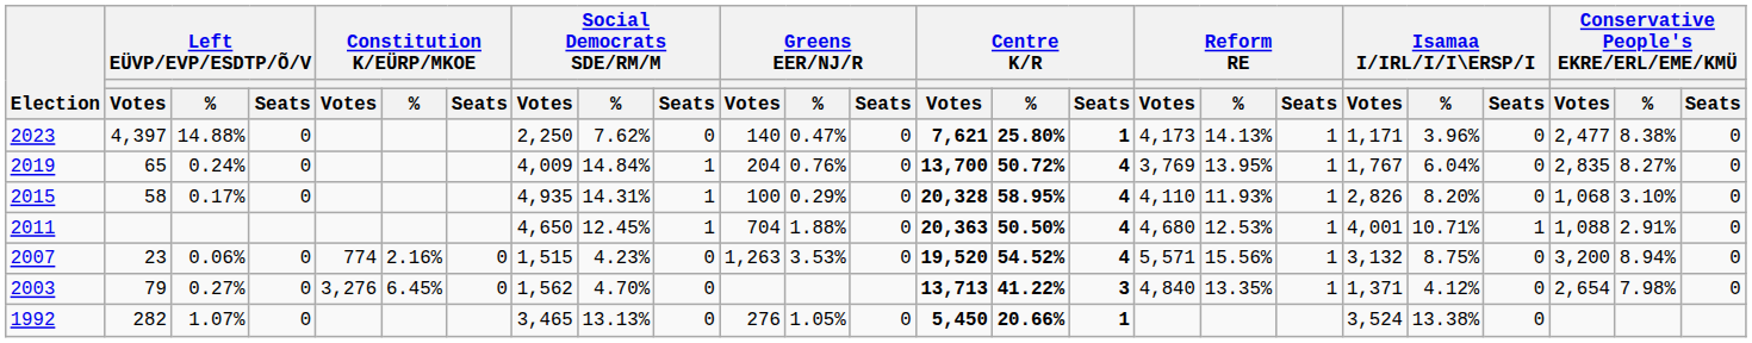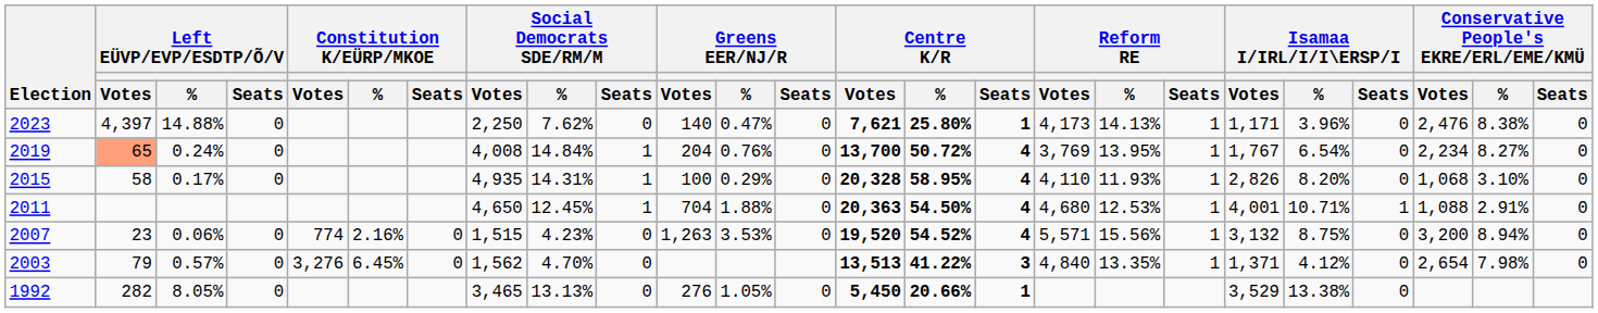 <table class="wikitable" border="1" style="font-size:80%; text-align:right;">
 <tr>
 <th style="text-align:left;" valign=bottom rowspan=3>Election</th>
 <th valign=bottom colspan=3><a href='#'>Left</a><br>EÜVP/EVP/ESDTP/Õ/V</th>
 <th valign=bottom colspan=3><a href='#'>Constitution</a><br>K/EÜRP/MKOE</th>
 <th valign=bottom colspan=3><a href='#'>Social<br>Democrats</a><br>SDE/RM/M</th>
 <th valign=bottom colspan=3><a href='#'>Greens</a><br>EER/NJ/R</th>
 <th valign=bottom colspan=3><a href='#'>Centre</a><br>K/R</th>
 <th valign=bottom colspan=3><a href='#'>Reform</a><br>RE</th>
 <th valign=bottom colspan=3><a href='#'>Isamaa</a><br>I/IRL/I/I\ERSP/I</th>
 <th valign=bottom colspan=3><a href='#'>Conservative<br>People's</a><br>EKRE/ERL/EME/KMÜ</th>
 </tr>
 <tr>
 <th colspan=3 style="background:"></th>
 <th colspan=3 style="background:"></th>
 <th colspan=3 style="background:"></th>
 <th colspan=3 style="background:"></th>
 <th colspan=3 style="background:"></th>
 <th colspan=3 style="background:"></th>
 <th colspan=3 style="background:"></th>
 <th colspan=3 style="background:"></th>
 </tr>
 <tr>
 <th>Votes</th>
 <th>%</th>
 <th>Seats</th>
 <th>Votes</th>
 <th>%</th>
 <th>Seats</th>
 <th>Votes</th>
 <th>%</th>
 <th>Seats</th>
 <th>Votes</th>
 <th>%</th>
 <th>Seats</th>
 <th>Votes</th>
 <th>%</th>
 <th>Seats</th>
 <th>Votes</th>
 <th>%</th>
 <th>Seats</th>
 <th>Votes</th>
 <th>%</th>
 <th>Seats</th>
 <th>Votes</th>
 <th>%</th>
 <th>Seats</th>
 </tr>
 <tr>
 <td align=left><a href='#'>2023</a></td>
 <td>4,397</td>
 <td>14.88%</td>
 <td>0</td>
 <td></td>
 <td></td>
 <td></td>
 <td>2,250</td>
 <td>7.62%</td>
 <td>0</td>
 <td>140</td>
 <td>0.47%</td>
 <td>0</td>
 <td><strong>7,621</strong></td>
 <td><strong>25.80%</strong></td>
 <td><strong>1</strong></td>
 <td>4,173</td>
 <td>14.13%</td>
 <td>1</td>
 <td>1,171</td>
 <td>3.96%</td>
 <td>0</td>
-<td>2,477</td>
+<td>2,476</td>
 <td>8.38%</td>
 <td>0</td>
 </tr>
 <tr>
 <td align=left><a href='#'>2019</a></td>
-<td>65</td>
+<td style="background: lightsalmon;">65</td>
 <td>0.24%</td>
 <td>0</td>
 <td></td>
 <td></td>
 <td></td>
-<td>4,009</td>
+<td>4,008</td>
 <td>14.84%</td>
 <td>1</td>
 <td>204</td>
 <td>0.76%</td>
 <td>0</td>
 <td><strong>13,700</strong></td>
 <td><strong>50.72%</strong></td>
 <td><strong>4</strong></td>
 <td>3,769</td>
 <td>13.95%</td>
 <td>1</td>
 <td>1,767</td>
-<td>6.04%</td>
+<td>6.54%</td>
 <td>0</td>
-<td>2,835</td>
+<td>2,234</td>
 <td>8.27%</td>
 <td>0</td>
 </tr>
 <tr>
 <td align=left><a href='#'>2015</a></td>
 <td>58</td>
 <td>0.17%</td>
 <td>0</td>
 <td></td>
 <td></td>
 <td></td>
 <td>4,935</td>
 <td>14.31%</td>
 <td>1</td>
 <td>100</td>
 <td>0.29%</td>
 <td>0</td>
 <td><strong>20,328</strong></td>
 <td><strong>58.95%</strong></td>
 <td><strong>4</strong></td>
 <td>4,110</td>
 <td>11.93%</td>
 <td>1</td>
 <td>2,826</td>
 <td>8.20%</td>
 <td>0</td>
 <td>1,068</td>
 <td>3.10%</td>
 <td>0</td>
 </tr>
 <tr>
 <td align=left><a href='#'>2011</a></td>
 <td></td>
 <td></td>
 <td></td>
 <td></td>
 <td></td>
 <td></td>
 <td>4,650</td>
 <td>12.45%</td>
 <td>1</td>
 <td>704</td>
 <td>1.88%</td>
 <td>0</td>
 <td><strong>20,363</strong></td>
-<td><strong>50.50%</strong></td>
+<td><strong>54.50%</strong></td>
 <td><strong>4</strong></td>
 <td>4,680</td>
 <td>12.53%</td>
 <td>1</td>
 <td>4,001</td>
 <td>10.71%</td>
 <td>1</td>
 <td>1,088</td>
 <td>2.91%</td>
 <td>0</td>
 </tr>
 <tr>
 <td align=left><a href='#'>2007</a></td>
 <td>23</td>
 <td>0.06%</td>
 <td>0</td>
 <td>774</td>
 <td>2.16%</td>
 <td>0</td>
 <td>1,515</td>
 <td>4.23%</td>
 <td>0</td>
 <td>1,263</td>
 <td>3.53%</td>
 <td>0</td>
 <td><strong>19,520</strong></td>
 <td><strong>54.52%</strong></td>
 <td><strong>4</strong></td>
 <td>5,571</td>
 <td>15.56%</td>
 <td>1</td>
 <td>3,132</td>
 <td>8.75%</td>
 <td>0</td>
 <td>3,200</td>
 <td>8.94%</td>
 <td>0</td>
 </tr>
 <tr>
 <td align=left><a href='#'>2003</a></td>
 <td>79</td>
-<td>0.27%</td>
+<td>0.57%</td>
 <td>0</td>
 <td>3,276</td>
 <td>6.45%</td>
 <td>0</td>
 <td>1,562</td>
 <td>4.70%</td>
 <td>0</td>
 <td></td>
 <td></td>
 <td></td>
-<td><strong>13,713</strong></td>
+<td><strong>13,513</strong></td>
 <td><strong>41.22%</strong></td>
 <td><strong>3</strong></td>
 <td>4,840</td>
 <td>13.35%</td>
 <td>1</td>
 <td>1,371</td>
 <td>4.12%</td>
 <td>0</td>
 <td>2,654</td>
 <td>7.98%</td>
 <td>0</td>
 </tr>
 <tr>
 <td align=left><a href='#'>1992</a></td>
 <td>282</td>
-<td>1.07%</td>
+<td>8.05%</td>
 <td>0</td>
 <td></td>
 <td></td>
 <td></td>
 <td>3,465</td>
 <td>13.13%</td>
 <td>0</td>
 <td>276</td>
 <td>1.05%</td>
 <td>0</td>
 <td><strong>5,450</strong></td>
 <td><strong>20.66%</strong></td>
 <td><strong>1</strong></td>
 <td></td>
 <td></td>
 <td></td>
-<td>3,524</td>
+<td>3,529</td>
 <td>13.38%</td>
 <td>0</td>
 <td></td>
 <td></td>
 <td></td>
 </tr>
 </table>
